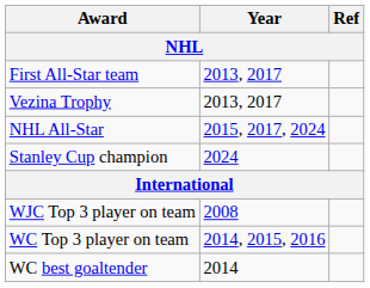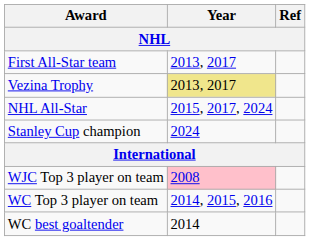 <table class="wikitable">
 <tr>
 <th>Award</th>
 <th>Year</th>
 <th>Ref</th>
 </tr>
 <tr>
 <th colspan="4"><a href='#'>NHL</a></th>
 </tr>
 <tr>
 <td><a href='#'>First All-Star team</a></td>
 <td><a href='#'>2013</a>, <a href='#'>2017</a></td>
 <td></td>
 </tr>
 <tr>
 <td><a href='#'>Vezina Trophy</a></td>
-<td>2013, 2017</td>
+<td style="background: khaki;">2013, 2017</td>
 <td></td>
 </tr>
 <tr>
 <td><a href='#'>NHL All-Star</a></td>
 <td><a href='#'>2015</a>, <a href='#'>2017</a>, <a href='#'>2024</a></td>
 <td></td>
 </tr>
 <tr>
 <td><a href='#'>Stanley Cup</a> champion</td>
 <td><a href='#'>2024</a></td>
 <td></td>
 </tr>
 <tr>
 <th colspan="3"><a href='#'>International</a></th>
 </tr>
 <tr>
 <td><a href='#'>WJC</a> Top 3 player on team</td>
-<td><a href='#'>2008</a></td>
+<td style="background: pink;"><a href='#'>2008</a></td>
 <td></td>
 </tr>
 <tr>
 <td><a href='#'>WC</a> Top 3 player on team</td>
 <td><a href='#'>2014</a>, <a href='#'>2015</a>, <a href='#'>2016</a></td>
 <td></td>
 </tr>
 <tr>
 <td>WC <a href='#'>best goaltender</a></td>
 <td>2014</td>
 <td></td>
 </tr>
 </table>
